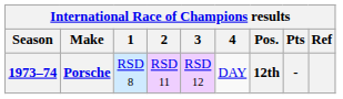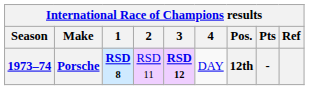 <table class="wikitable" style="text-align:center; font-size:75%">
 <tr>
 <th colspan=9><a href='#'>International Race of Champions</a> results</th>
 </tr>
 <tr>
 <th>Season</th>
 <th>Make</th>
 <th>1</th>
 <th>2</th>
 <th>3</th>
 <th>4</th>
 <th>Pos.</th>
 <th>Pts</th>
 <th>Ref</th>
 </tr>
 <tr>
 <th><a href='#'>1973–74</a></th>
 <th><a href='#'>Porsche</a></th>
-<td style="background:#CFEAFF;"><a href='#'>RSD</a><br><small>8</small></td>
+<td style="background:#CFEAFF;"><strong><a href='#'>RSD</a><br><small>8</small></strong></td>
 <td style="background:#EFCFFF;"><a href='#'>RSD</a><br><small>11</small></td>
-<td style="background:#EFCFFF;"><a href='#'>RSD</a><br><small>12</small></td>
+<td style="background:#EFCFFF;"><strong><a href='#'>RSD</a><br><small>12</small></strong></td>
 <td><a href='#'>DAY</a></td>
 <th>12th</th>
 <th>-</th>
 <th></th>
 </tr>
 </table>
